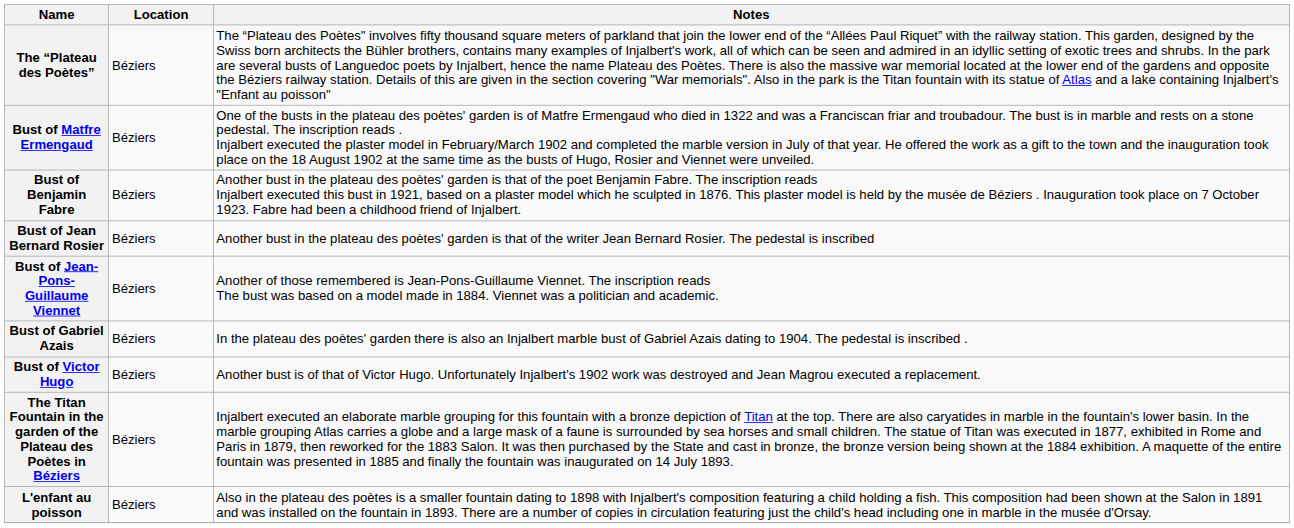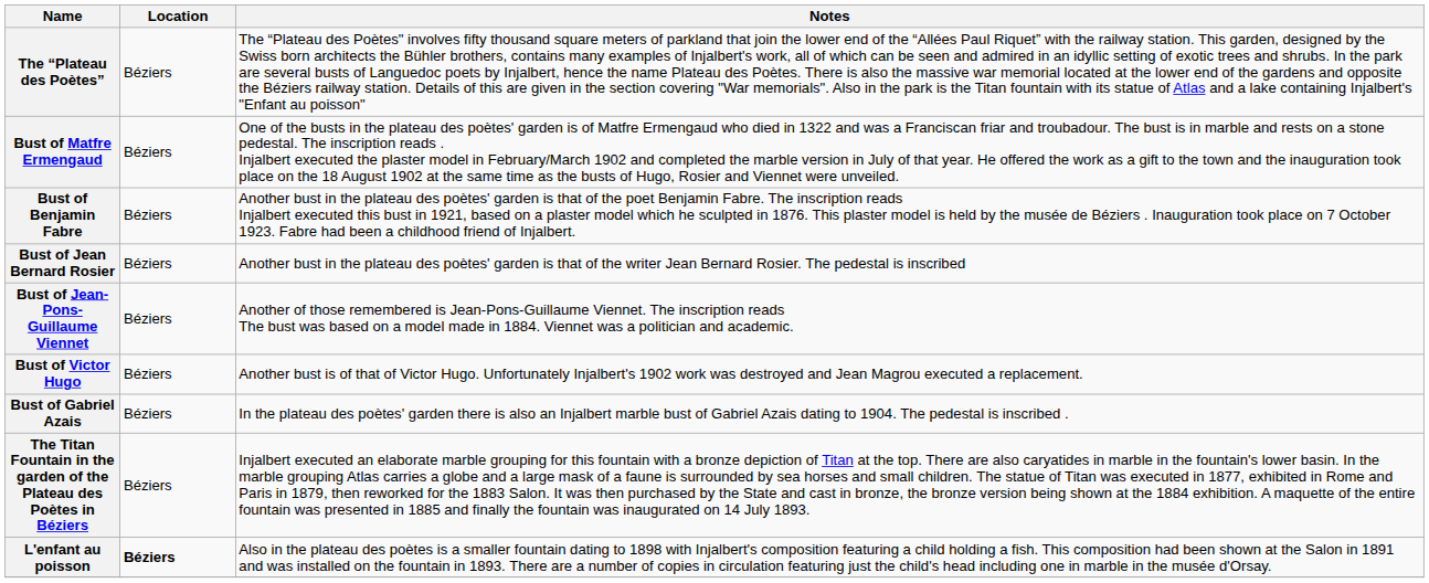 <table class="wikitable sortable plainrowheaders">
 <tr>
 <th scope="col" style="width:120px">Name</th>
 <th scope="col" style="width:120px">Location</th>
 <th scope="col" class="unsortable">Notes</th>
 </tr>
 <tr>
 <th scope="row">The “Plateau des Poètes”</th>
 <td>Béziers<br></td>
 <td>The “Plateau des Poètes" involves fifty thousand square meters of parkland that join the lower end of the “Allées Paul Riquet” with the railway station.  This garden, designed by the Swiss born architects the Bühler brothers, contains many examples of Injalbert's work, all of which can be seen and admired in an idyllic setting of exotic trees and shrubs.  In the park are several busts of Languedoc poets by Injalbert, hence the name Plateau des Poètes.  There is also the massive war memorial located at the lower end of the gardens and opposite the Béziers railway station.  Details of this are given in the section covering "War memorials".  Also in the park is the Titan fountain with its statue of <a href='#'>Atlas</a> and a lake containing Injalbert's "Enfant au poisson"</td>
 </tr>
 <tr>
 <th scope="row">Bust of <a href='#'>Matfre Ermengaud</a></th>
 <td>Béziers<br></td>
 <td>One of the busts in the plateau des poètes' garden is of Matfre Ermengaud who died in 1322 and was a Franciscan friar and troubadour.  The bust is in marble and rests on a stone pedestal. The inscription reads .<br>Injalbert executed the plaster model in February/March 1902 and completed the marble version in July of that year. He offered the work as a gift to the town and the inauguration took place on the 18 August 1902 at the same time as the busts of Hugo, Rosier and Viennet were unveiled.  </td>
 </tr>
 <tr>
 <th scope="row">Bust of Benjamin Fabre</th>
 <td>Béziers<br></td>
 <td>Another bust in the plateau des poètes' garden is that of the poet Benjamin Fabre.  The inscription reads <br>Injalbert executed this bust in 1921, based on a plaster model which he sculpted in 1876. This plaster model is held by the musée de Béziers . Inauguration took place on 7 October 1923.  Fabre had been a childhood friend of Injalbert.</td>
 </tr>
 <tr>
 <th scope="row">Bust of Jean Bernard Rosier</th>
 <td>Béziers<br></td>
 <td>Another bust in the plateau des poètes' garden is that of the writer Jean Bernard Rosier. The pedestal is inscribed <br></td>
 </tr>
 <tr>
 <th scope="row">Bust of <a href='#'>Jean-Pons-Guillaume Viennet</a></th>
 <td>Béziers<br></td>
 <td>Another of those remembered is Jean-Pons-Guillaume Viennet. The inscription reads <br>The bust was based on a model made in 1884.  Viennet was a politician and academic.</td>
 </tr>
 <tr>
+<th scope="row">Bust of <a href='#'>Victor Hugo</a></th>
+<td>Béziers<br></td>
+<td>Another bust is of that of Victor Hugo. Unfortunately Injalbert's 1902 work was destroyed and Jean Magrou executed a replacement.</td>
+</tr>
+<tr>
 <th scope="row">Bust of Gabriel Azais</th>
 <td>Béziers<br></td>
 <td>In the plateau des poètes' garden there is also an Injalbert marble bust of Gabriel Azais dating to 1904. The pedestal is inscribed .<br></td>
-</tr>
-<tr>
-<th scope="row">Bust of <a href='#'>Victor Hugo</a></th>
-<td>Béziers<br></td>
-<td>Another bust is of that of Victor Hugo. Unfortunately Injalbert's 1902 work was destroyed and Jean Magrou executed a replacement.</td>
 </tr>
 <tr>
 <th scope="row">The Titan Fountain in the garden of the Plateau des Poètes in <a href='#'>Béziers</a></th>
 <td>Béziers<br></td>
 <td>Injalbert executed an elaborate marble grouping for this fountain with a bronze depiction of <a href='#'>Titan</a> at the top.  There are also caryatides in marble in the fountain's lower basin. In the marble grouping Atlas carries a globe and a large mask of a faune is surrounded by sea horses and small children. The statue of Titan was executed in 1877, exhibited in Rome and Paris in 1879, then reworked for the 1883 Salon. It was then purchased by the State and cast in bronze, the bronze version being shown at the 1884 exhibition. A maquette of the entire fountain was presented in 1885 and finally the fountain was inaugurated on 14 July 1893.<br> </td>
 </tr>
 <tr>
 <th scope="row">L'enfant au poisson</th>
-<td>Béziers<br></td>
+<td><strong>Béziers<br></strong></td>
 <td>Also in the plateau des poètes is a smaller fountain dating to 1898 with Injalbert's composition featuring a child holding a fish. This composition had been shown at the Salon in 1891 and was installed on the fountain in 1893. There are a number of copies in circulation featuring just the child's head including one in marble in the musée d'Orsay.</td>
 </tr>
 <tr>
 </tr>
 </table>
